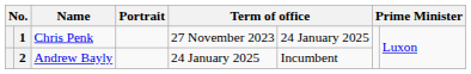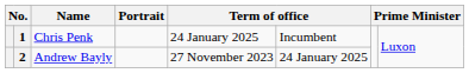 <table class="wikitable">
 <tr>
 <th colspan="2">No.</th>
 <th>Name</th>
 <th>Portrait</th>
 <th colspan="2">Term of office</th>
 <th colspan="2">Prime Minister</th>
 </tr>
 <tr>
 <th style="color:inherit;background:"></th>
 <th>1</th>
 <td><a href='#'>Chris Penk</a></td>
 <td></td>
-<td>27 November 2023</td>
 <td>24 January 2025</td>
+<td>Incumbent</td>
 <td width=1 rowspan=2 style="color:inherit;background:"></td>
 <td rowspan="2"><a href='#'>Luxon</a></td>
 </tr>
 <tr>
 <th style="color:inherit;background:"></th>
 <th>2</th>
 <td><a href='#'>Andrew Bayly</a></td>
 <td></td>
+<td>27 November 2023</td>
 <td>24 January 2025</td>
-<td>Incumbent</td>
 </tr>
 </table>
